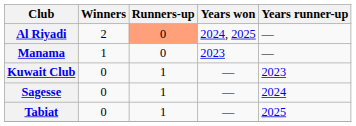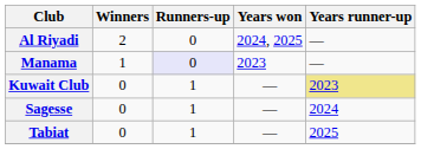 <table class="wikitable plainrowheaders sortable">
 <tr>
 <th scope="col">Club</th>
 <th scope="col">Winners</th>
 <th scope="col">Runners-up</th>
 <th scope="col" class="unsortable">Years won</th>
 <th scope="col" class="unsortable">Years runner-up</th>
 </tr>
 <tr>
 <th scope="row"> <a href='#'>Al Riyadi</a></th>
 <td align="center">2</td>
-<td align="center" style="background: lightsalmon;">0</td>
+<td align="center">0</td>
 <td><a href='#'>2024</a>, <a href='#'>2025</a></td>
 <td>—</td>
 </tr>
 <tr>
 <th scope="row"> <a href='#'>Manama</a></th>
 <td align="center">1</td>
-<td align="center">0</td>
+<td align="center" style="background: lavender;">0</td>
 <td><a href='#'>2023</a></td>
 <td>—</td>
 </tr>
 <tr>
 <th scope="row"> <a href='#'>Kuwait Club</a></th>
 <td align="center">0</td>
 <td align="center">1</td>
 <td align="center">—</td>
-<td><a href='#'>2023</a></td>
+<td style="background: khaki;"><a href='#'>2023</a></td>
 </tr>
 <tr>
 <th scope="row"> <a href='#'>Sagesse</a></th>
 <td align="center">0</td>
 <td align="center">1</td>
 <td align="center">—</td>
 <td><a href='#'>2024</a></td>
 </tr>
 <tr>
 <th scope="row"> <a href='#'>Tabiat</a></th>
 <td align="center">0</td>
 <td align="center">1</td>
 <td align="center">—</td>
 <td><a href='#'>2025</a></td>
 </tr>
 <tr>
 </tr>
 </table>
